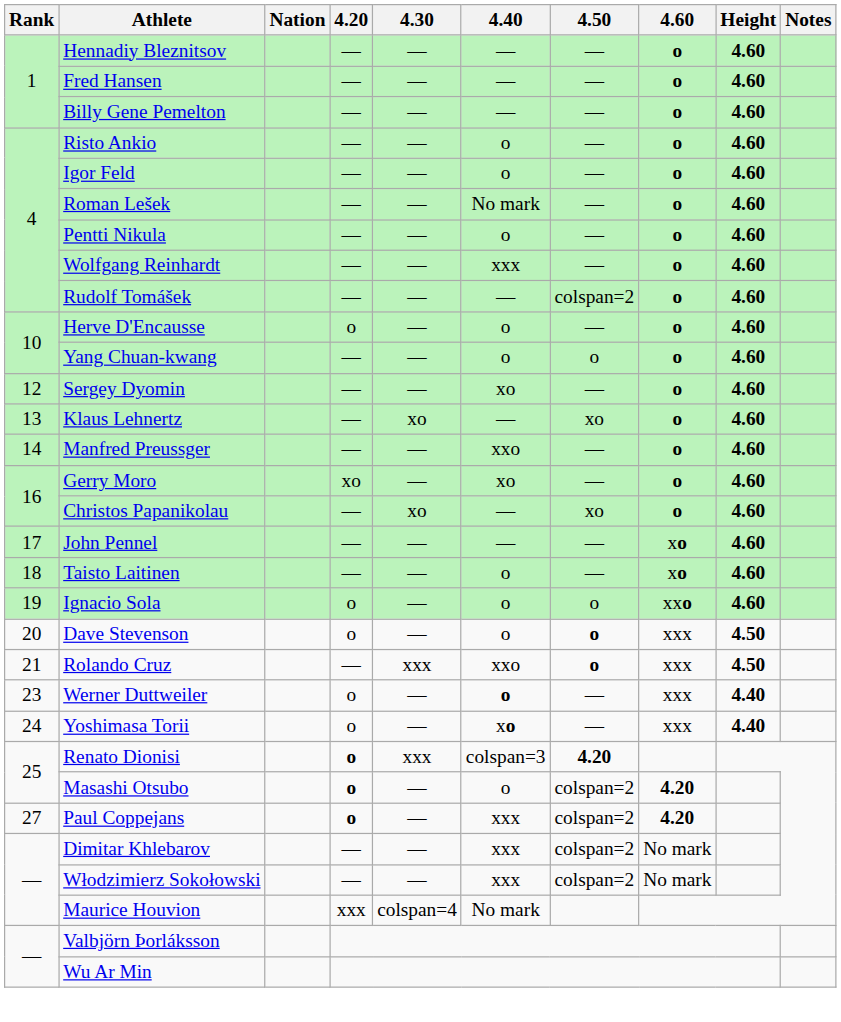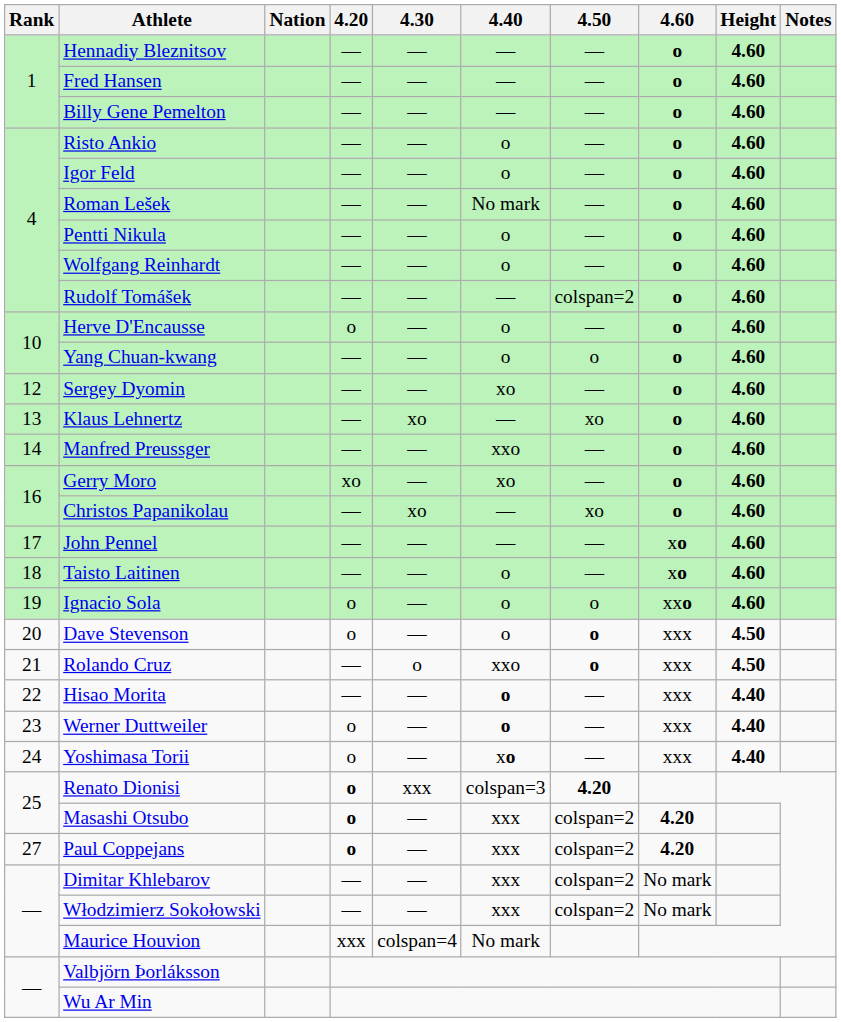 <table class="wikitable sortable" style="text-align:center">
 <tr>
 <th>Rank</th>
 <th>Athlete</th>
 <th>Nation</th>
 <th>4.20</th>
 <th>4.30</th>
 <th>4.40</th>
 <th>4.50</th>
 <th>4.60</th>
 <th>Height</th>
 <th>Notes</th>
 </tr>
 <tr bgcolor=bbf3bb>
 <td rowspan=3>1</td>
 <td align=left><a href='#'>Hennadiy Bleznitsov</a></td>
 <td align=left></td>
 <td>—</td>
 <td>—</td>
 <td>—</td>
 <td>—</td>
 <td><strong>o</strong></td>
 <td><strong>4.60</strong></td>
 <td></td>
 </tr>
 <tr bgcolor=bbf3bb>
 <td align=left><a href='#'>Fred Hansen</a></td>
 <td align=left></td>
 <td>—</td>
 <td>—</td>
 <td>—</td>
 <td>—</td>
 <td><strong>o</strong></td>
 <td><strong>4.60</strong></td>
 <td></td>
 </tr>
 <tr bgcolor=bbf3bb>
 <td align=left><a href='#'>Billy Gene Pemelton</a></td>
 <td align=left></td>
 <td>—</td>
 <td>—</td>
 <td>—</td>
 <td>—</td>
 <td><strong>o</strong></td>
 <td><strong>4.60</strong></td>
 <td></td>
 </tr>
 <tr bgcolor=bbf3bb>
 <td rowspan=6>4</td>
 <td align=left><a href='#'>Risto Ankio</a></td>
 <td align=left></td>
 <td>—</td>
 <td>—</td>
 <td>o</td>
 <td>—</td>
 <td><strong>o</strong></td>
 <td><strong>4.60</strong></td>
 <td></td>
 </tr>
 <tr bgcolor=bbf3bb>
 <td align=left><a href='#'>Igor Feld</a></td>
 <td align=left></td>
 <td>—</td>
 <td>—</td>
 <td>o</td>
 <td>—</td>
 <td><strong>o</strong></td>
 <td><strong>4.60</strong></td>
 <td></td>
 </tr>
 <tr bgcolor=bbf3bb>
 <td align=left><a href='#'>Roman Lešek</a></td>
 <td align=left></td>
 <td>—</td>
 <td>—</td>
 <td data-sort-value=1.00>No mark</td>
 <td>—</td>
 <td><strong>o</strong></td>
 <td><strong>4.60</strong></td>
 <td></td>
 </tr>
 <tr bgcolor=bbf3bb>
 <td align=left><a href='#'>Pentti Nikula</a></td>
 <td align=left></td>
 <td>—</td>
 <td>—</td>
 <td>o</td>
 <td>—</td>
 <td><strong>o</strong></td>
 <td><strong>4.60</strong></td>
 <td></td>
 </tr>
 <tr bgcolor=bbf3bb>
 <td align=left><a href='#'>Wolfgang Reinhardt</a></td>
 <td align=left></td>
 <td>—</td>
 <td>—</td>
-<td>xxx</td>
+<td>o</td>
 <td>—</td>
 <td><strong>o</strong></td>
 <td><strong>4.60</strong></td>
 <td></td>
 </tr>
 <tr bgcolor=bbf3bb>
 <td align=left><a href='#'>Rudolf Tomášek</a></td>
 <td align=left></td>
 <td>—</td>
 <td>—</td>
 <td>—</td>
 <td>colspan=2 </td>
 <td><strong>o</strong></td>
 <td><strong>4.60</strong></td>
 <td></td>
 </tr>
 <tr bgcolor=bbf3bb>
 <td rowspan=2>10</td>
 <td align=left><a href='#'>Herve D'Encausse</a></td>
 <td align=left></td>
 <td>o</td>
 <td>—</td>
 <td>o</td>
 <td>—</td>
 <td><strong>o</strong></td>
 <td><strong>4.60</strong></td>
 <td></td>
 </tr>
 <tr bgcolor=bbf3bb>
 <td align=left><a href='#'>Yang Chuan-kwang</a></td>
 <td align=left></td>
 <td>—</td>
 <td>—</td>
 <td>o</td>
 <td>o</td>
 <td><strong>o</strong></td>
 <td><strong>4.60</strong></td>
 <td></td>
 </tr>
 <tr bgcolor=bbf3bb>
 <td>12</td>
 <td align=left><a href='#'>Sergey Dyomin</a></td>
 <td align=left></td>
 <td>—</td>
 <td>—</td>
 <td>xo</td>
 <td>—</td>
 <td><strong>o</strong></td>
 <td><strong>4.60</strong></td>
 <td></td>
 </tr>
 <tr bgcolor=bbf3bb>
 <td>13</td>
 <td align=left><a href='#'>Klaus Lehnertz</a></td>
 <td align=left></td>
 <td>—</td>
 <td>xo</td>
 <td>—</td>
 <td>xo</td>
 <td><strong>o</strong></td>
 <td><strong>4.60</strong></td>
 <td></td>
 </tr>
 <tr bgcolor=bbf3bb>
 <td>14</td>
 <td align=left><a href='#'>Manfred Preussger</a></td>
 <td align=left></td>
 <td>—</td>
 <td>—</td>
 <td>xxo</td>
 <td>—</td>
 <td><strong>o</strong></td>
 <td><strong>4.60</strong></td>
 <td></td>
 </tr>
 <tr bgcolor=bbf3bb>
 <td rowspan=2>16</td>
 <td align=left><a href='#'>Gerry Moro</a></td>
 <td align=left></td>
 <td>xo</td>
 <td>—</td>
 <td>xo</td>
 <td>—</td>
 <td><strong>o</strong></td>
 <td><strong>4.60</strong></td>
 <td></td>
 </tr>
 <tr bgcolor=bbf3bb>
 <td align=left><a href='#'>Christos Papanikolau</a></td>
 <td align=left></td>
 <td>—</td>
 <td>xo</td>
 <td>—</td>
 <td>xo</td>
 <td><strong>o</strong></td>
 <td><strong>4.60</strong></td>
 <td></td>
 </tr>
 <tr bgcolor=bbf3bb>
 <td>17</td>
 <td align=left><a href='#'>John Pennel</a></td>
 <td align=left></td>
 <td>—</td>
 <td>—</td>
 <td>—</td>
 <td>—</td>
 <td>x<strong>o</strong></td>
 <td><strong>4.60</strong></td>
 <td></td>
 </tr>
 <tr bgcolor=bbf3bb>
 <td>18</td>
 <td align=left><a href='#'>Taisto Laitinen</a></td>
 <td align=left></td>
 <td>—</td>
 <td>—</td>
 <td>o</td>
 <td>—</td>
 <td>x<strong>o</strong></td>
 <td><strong>4.60</strong></td>
 <td></td>
 </tr>
 <tr bgcolor=bbf3bb>
 <td>19</td>
 <td align=left><a href='#'>Ignacio Sola</a></td>
 <td align=left></td>
 <td>o</td>
 <td>—</td>
 <td>o</td>
 <td>o</td>
 <td>xx<strong>o</strong></td>
 <td><strong>4.60</strong></td>
 <td></td>
 </tr>
 <tr>
 <td>20</td>
 <td align=left><a href='#'>Dave Stevenson</a></td>
 <td align=left></td>
 <td>o</td>
 <td>—</td>
 <td>o</td>
 <td><strong>o</strong></td>
 <td>xxx</td>
 <td><strong>4.50</strong></td>
 <td></td>
 </tr>
 <tr>
 <td>21</td>
 <td align=left><a href='#'>Rolando Cruz</a></td>
 <td align=left></td>
 <td>—</td>
-<td>xxx</td>
+<td>o</td>
 <td>xxo</td>
 <td><strong>o</strong></td>
 <td>xxx</td>
 <td><strong>4.50</strong></td>
+<td></td>
+</tr>
+<tr>
+<td>22</td>
+<td align=left><a href='#'>Hisao Morita</a></td>
+<td align=left></td>
+<td>—</td>
+<td>—</td>
+<td><strong>o</strong></td>
+<td>—</td>
+<td>xxx</td>
+<td><strong>4.40</strong></td>
 <td></td>
 </tr>
 <tr>
 <td>23</td>
 <td align=left><a href='#'>Werner Duttweiler</a></td>
 <td align=left></td>
 <td>o</td>
 <td>—</td>
 <td><strong>o</strong></td>
 <td>—</td>
 <td>xxx</td>
 <td><strong>4.40</strong></td>
 <td></td>
 </tr>
 <tr>
 <td>24</td>
 <td align=left><a href='#'>Yoshimasa Torii</a></td>
 <td align=left></td>
 <td>o</td>
 <td>—</td>
 <td>x<strong>o</strong></td>
 <td>—</td>
 <td>xxx</td>
 <td><strong>4.40</strong></td>
 <td></td>
 </tr>
 <tr>
 <td rowspan=2>25</td>
 <td align=left><a href='#'>Renato Dionisi</a></td>
 <td align=left></td>
 <td><strong>o</strong></td>
 <td>xxx</td>
 <td>colspan=3 </td>
 <td><strong>4.20</strong></td>
 <td></td>
 </tr>
 <tr>
 <td align=left><a href='#'>Masashi Otsubo</a></td>
 <td align=left></td>
 <td><strong>o</strong></td>
 <td>—</td>
-<td>o</td>
+<td>xxx</td>
 <td>colspan=2 </td>
 <td><strong>4.20</strong></td>
 <td></td>
 </tr>
 <tr>
 <td>27</td>
 <td align=left><a href='#'>Paul Coppejans</a></td>
 <td align=left></td>
 <td><strong>o</strong></td>
 <td>—</td>
 <td>xxx</td>
 <td>colspan=2 </td>
 <td><strong>4.20</strong></td>
 <td></td>
 </tr>
 <tr>
 <td rowspan=3 data-sort-value=28>—</td>
 <td align=left><a href='#'>Dimitar Khlebarov</a></td>
 <td align=left></td>
 <td>—</td>
 <td>—</td>
 <td>xxx</td>
 <td>colspan=2 </td>
 <td data-sort-value=1.00>No mark</td>
 <td></td>
 </tr>
 <tr>
 <td align=left><a href='#'>Włodzimierz Sokołowski</a></td>
 <td align=left></td>
 <td>—</td>
 <td>—</td>
 <td>xxx</td>
 <td>colspan=2 </td>
 <td data-sort-value=1.00>No mark</td>
 <td></td>
 </tr>
 <tr>
 <td align=left><a href='#'>Maurice Houvion</a></td>
 <td align=left></td>
 <td>xxx</td>
 <td>colspan=4 </td>
 <td data-sort-value=1.00>No mark</td>
 <td></td>
 </tr>
 <tr>
 <td rowspan=2 data-sort-value=31>—</td>
 <td align=left><a href='#'>Valbjörn Þorláksson</a></td>
 <td align=left></td>
 <td colspan=6 data-sort-value=0.00></td>
 <td></td>
 </tr>
 <tr>
 <td align=left><a href='#'>Wu Ar Min</a></td>
 <td align=left></td>
 <td colspan=6 data-sort-value=0.00></td>
 <td></td>
 </tr>
 </table>
